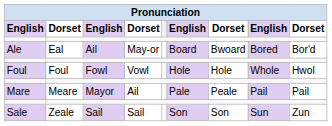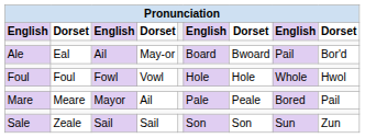 <table class="wikitable floatright" style="text-align:centre;">
 <tr>
 <th colspan="9" style="background:#CEE0F2; colour:black;">Pronunciation</th>
 </tr>
 <tr>
 <th style="background:#E0CEF2; colour:black;">English</th>
 <th style="background:#fff; colour:black;">Dorset</th>
 <th style="background:#E0CEF2; colour:black;">English</th>
 <th style="background:#fff; colour:black;">Dorset</th>
 <th></th>
 <th style="background:#E0CEF2; colour:black;">English</th>
 <th style="background:#fff; colour:black;">Dorset</th>
 <th style="background:#E0CEF2; colour:black;">English</th>
 <th style="background:#fff; colour:black;">Dorset</th>
 </tr>
 <tr>
 <td></td>
 </tr>
 <tr>
 <td style="background:#E0CEF2; colour:black;">Ale</td>
 <td style="background:#fff; colour:#black;">Eal</td>
 <td style="background:#E0CEF2; colour:black;">Ail</td>
 <td style="background:#fff; colour:#black;">May-or</td>
 <td></td>
 <td style="background:#E0CEF2; colour:black;">Board</td>
 <td style="background:#fff; colour:#black;">Bwoard</td>
-<td style="background:#E0CEF2; colour:black;">Bored</td>
+<td style="background:#E0CEF2; colour:#black;">Pail</td>
 <td style="background:#fff; colour:#black;">Bor'd</td>
 </tr>
 <tr>
 <td></td>
 </tr>
 <tr>
 <td style="background:#E0CEF2; colour:#black;">Foul</td>
 <td style="background:#fff; colour:#black;">Foul</td>
 <td style="background:#E0CEF2; colour:#black;">Fowl</td>
 <td style="background:#fff; colour:#black;">Vowl</td>
 <td></td>
 <td style="background:#E0CEF2; colour:#black;">Hole</td>
 <td style="background:#fff; colour:#black;">Hole</td>
 <td style="background:#E0CEF2; colour:#black;">Whole</td>
 <td style="background:#fff; colour:#black;">Hwol</td>
 </tr>
 <tr>
 <td></td>
 </tr>
 <tr>
 <td style="background:#E0CEF2; colour:#black;">Mare</td>
 <td style="background:#fff; colour:#black;">Meare</td>
 <td style="background:#E0CEF2; colour:#black;">Mayor</td>
 <td style="background:#fff; colour:#black;">Ail</td>
 <td></td>
 <td style="background:#E0CEF2; colour:#black;">Pale</td>
 <td style="background:#fff; colour:#black;">Peale</td>
-<td style="background:#E0CEF2; colour:#black;">Pail</td>
+<td style="background:#E0CEF2; colour:black;">Bored</td>
 <td style="background:#fff; colour:#black;">Pail</td>
 </tr>
 <tr>
 <td></td>
 </tr>
 <tr>
 <td style="background:#E0CEF2; colour:#black;">Sale</td>
 <td style="background:#fff; colour:#black;">Zeale</td>
 <td style="background:#E0CEF2; colour:#black;">Sail</td>
 <td style="background:#fff; colour:#black;">Sail</td>
 <td></td>
 <td style="background:#E0CEF2; colour:#black;">Son</td>
 <td style="background:#fff; colour:#black;">Son</td>
 <td style="background:#E0CEF2; colour:#black;">Sun</td>
 <td style="background:#fff; colour:#black;">Zun</td>
 </tr>
 </table>
